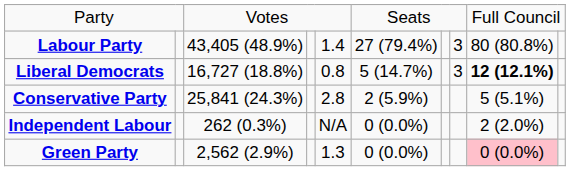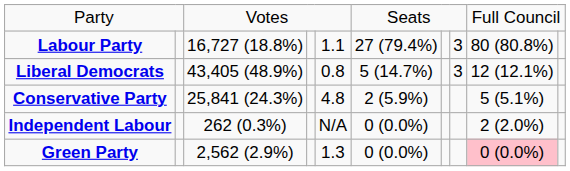 <table class=wikitable style="text-align:center;">
 <tr>
 <td colspan=2>Party</td>
 <td colspan=3>Votes</td>
 <td colspan=3>Seats</td>
 <td colspan=3>Full Council</td>
 </tr>
 <tr>
 <td><strong><a href='#'>Labour Party</a></strong></td>
 <td style="background:"></td>
-<td>43,405 (48.9%)</td>
+<td>16,727 (18.8%)</td>
 <td></td>
-<td> 1.4</td>
+<td> 1.1</td>
 <td>27 (79.4%)</td>
 <td></td>
 <td> 3</td>
 <td>80 (80.8%)</td>
 <td></td>
 </tr>
 <tr>
 <td><strong><a href='#'>Liberal Democrats</a></strong></td>
 <td style="background:"></td>
-<td>16,727 (18.8%)</td>
+<td>43,405 (48.9%)</td>
 <td></td>
 <td> 0.8</td>
 <td>5 (14.7%)</td>
 <td></td>
 <td> 3</td>
-<td><strong>12 (12.1%)</strong></td>
+<td>12 (12.1%)</td>
 <td></td>
 </tr>
 <tr>
 <td><strong><a href='#'>Conservative Party</a></strong></td>
 <td style="background:"></td>
 <td>25,841 (24.3%)</td>
 <td></td>
-<td> 2.8</td>
+<td> 4.8</td>
 <td>2 (5.9%)</td>
 <td></td>
 <td></td>
 <td>5 (5.1%)</td>
 <td></td>
 </tr>
 <tr>
 <td><strong><a href='#'>Independent Labour</a></strong></td>
 <td style="background:"></td>
 <td>262 (0.3%)</td>
 <td></td>
 <td>N/A</td>
 <td>0 (0.0%)</td>
 <td></td>
 <td></td>
 <td>2 (2.0%)</td>
 <td></td>
 </tr>
 <tr>
 <td><strong><a href='#'>Green Party</a></strong></td>
 <td style="background:"></td>
 <td>2,562 (2.9%)</td>
 <td></td>
 <td> 1.3</td>
 <td>0 (0.0%)</td>
 <td></td>
 <td></td>
 <td style="background: pink;">0 (0.0%)</td>
 <td></td>
 </tr>
 </table>
